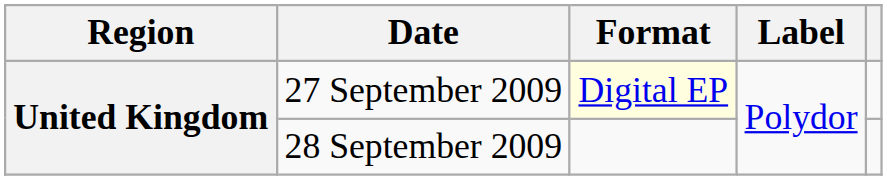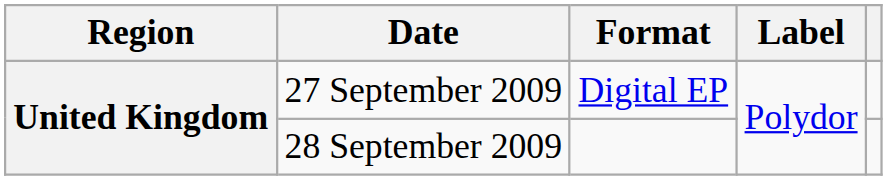 <table class="wikitable plainrowheaders">
 <tr>
 <th scope="col">Region</th>
 <th scope="col">Date</th>
 <th scope="col">Format</th>
 <th scope="col">Label</th>
 <th scope="col"></th>
 </tr>
 <tr>
 <th scope="row" rowspan="2">United Kingdom</th>
 <td>27 September 2009</td>
-<td style="background: lightyellow;"><a href='#'>Digital EP</a></td>
+<td><a href='#'>Digital EP</a></td>
 <td rowspan="2"><a href='#'>Polydor</a></td>
 <td align="center"></td>
 </tr>
 <tr>
 <td>28 September 2009</td>
 <td></td>
 <td align="center"></td>
 </tr>
 </table>
